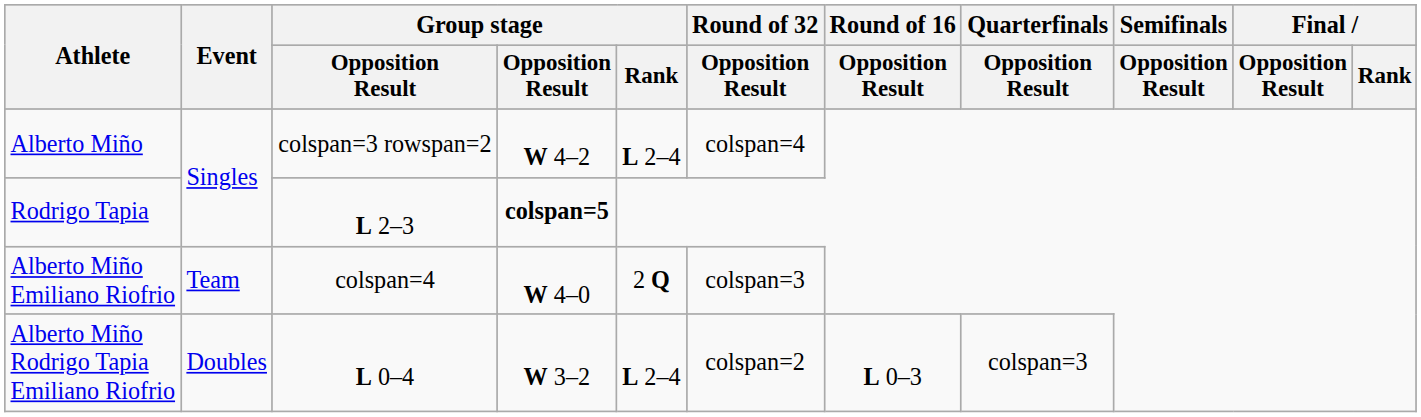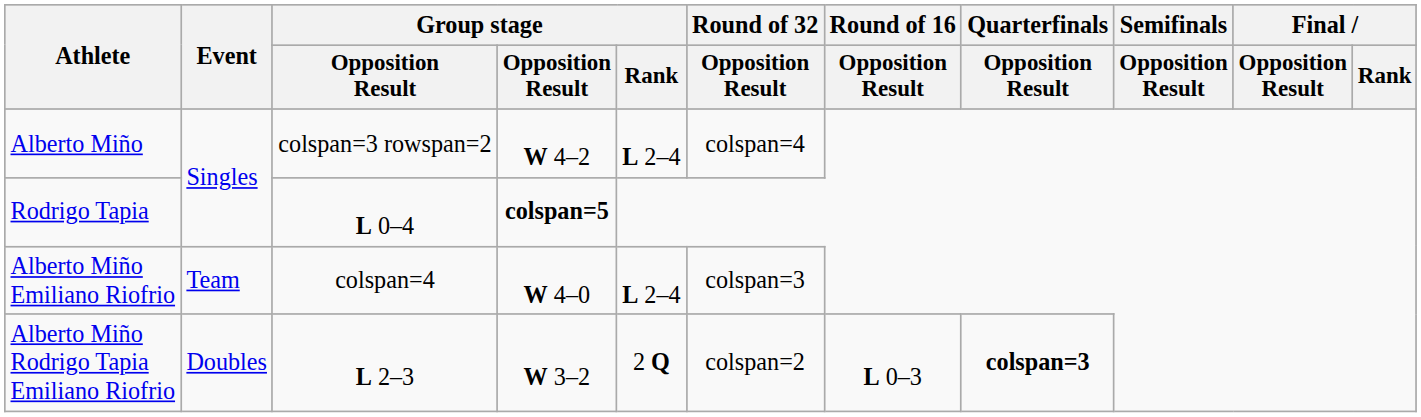 <table class=wikitable style=font-size:90%;text-align:center>
 <tr>
 <th rowspan=2>Athlete</th>
 <th rowspan=2>Event</th>
 <th colspan=3>Group stage</th>
 <th>Round of 32</th>
 <th>Round of 16</th>
 <th>Quarterfinals</th>
 <th>Semifinals</th>
 <th colspan=2>Final / </th>
 </tr>
 <tr style=font-size:95%>
 <th>Opposition<br>Result</th>
 <th>Opposition<br>Result</th>
 <th>Rank</th>
 <th>Opposition<br>Result</th>
 <th>Opposition<br>Result</th>
 <th>Opposition<br>Result</th>
 <th>Opposition<br>Result</th>
 <th>Opposition<br>Result</th>
 <th>Rank</th>
 </tr>
 <tr align=center>
 <td align=left><a href='#'>Alberto Miño</a></td>
 <td align=left rowspan=2><a href='#'>Singles</a></td>
 <td>colspan=3 rowspan=2 </td>
 <td><br><strong>W</strong> 4–2</td>
 <td><br><strong>L</strong> 2–4</td>
 <td>colspan=4 </td>
 </tr>
 <tr align=center>
 <td align=left><a href='#'>Rodrigo Tapia</a></td>
-<td><br><strong>L</strong> 2–3</td>
+<td><br><strong>L</strong> 0–4</td>
 <td><strong>colspan=5 </strong></td>
 </tr>
 <tr align=center>
 <td align=left><a href='#'>Alberto Miño</a><br><a href='#'>Emiliano Riofrio</a></td>
 <td align=left><a href='#'>Team</a></td>
 <td>colspan=4 </td>
 <td><br><strong>W</strong> 4–0</td>
-<td>2 <strong>Q</strong></td>
+<td><br><strong>L</strong> 2–4</td>
 <td>colspan=3 </td>
 </tr>
 <tr align=center>
 <td align=left><a href='#'>Alberto Miño</a><br><a href='#'>Rodrigo Tapia</a><br><a href='#'>Emiliano Riofrio</a></td>
 <td align=left><a href='#'>Doubles</a></td>
-<td><br><strong>L</strong> 0–4</td>
+<td><br><strong>L</strong> 2–3</td>
 <td><br><strong>W</strong> 3–2</td>
-<td><br><strong>L</strong> 2–4</td>
+<td>2 <strong>Q</strong></td>
 <td>colspan=2 </td>
 <td><br><strong>L</strong> 0–3</td>
-<td>colspan=3 </td>
+<td><strong>colspan=3 </strong></td>
 </tr>
 </table>
